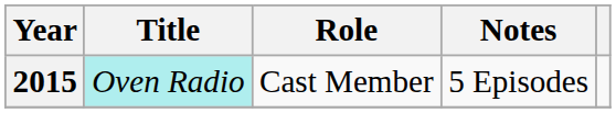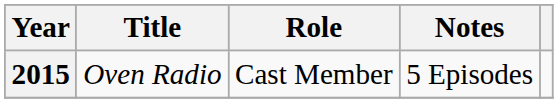 <table class="wikitable  plainrowheaders">
 <tr>
 <th scope="col">Year</th>
 <th scope="col">Title</th>
 <th scope="col">Role</th>
 <th scope="col">Notes</th>
 <th scope="col" class="unsortable"></th>
 </tr>
 <tr>
 <th scope="row">2015</th>
-<td style="background: paleturquoise;"><em>Oven Radio</em></td>
+<td><em>Oven Radio</em></td>
 <td>Cast Member</td>
 <td>5 Episodes</td>
 <td></td>
 </tr>
 <tr>
 </tr>
 </table>
